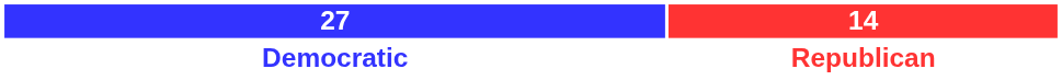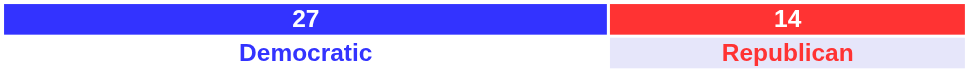 <table style="width:50%">
 <tr>
 <td scope="row" style="background:#33F; width:63.0%; text-align:center; color:white"><strong>27</strong><br></td>
 <td style="background:#F33; width:37.0%; text-align:center; color:white"><strong>14</strong></td>
 </tr>
 <tr>
 <td scope="row" style="text-align:center; color:#33F"><strong>Democratic</strong><br></td>
-<td style="text-align:center; color:#F33"><strong>Republican</strong></td>
+<td style="background: lavender; text-align:center; color:#F33"><strong>Republican</strong></td>
 </tr>
 </table>
